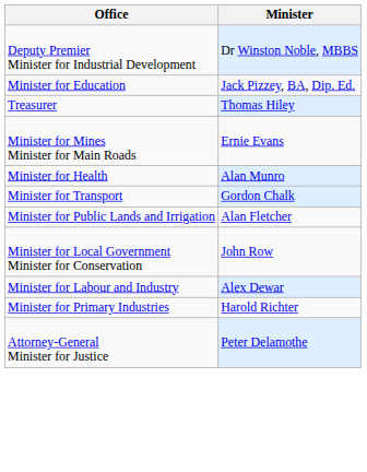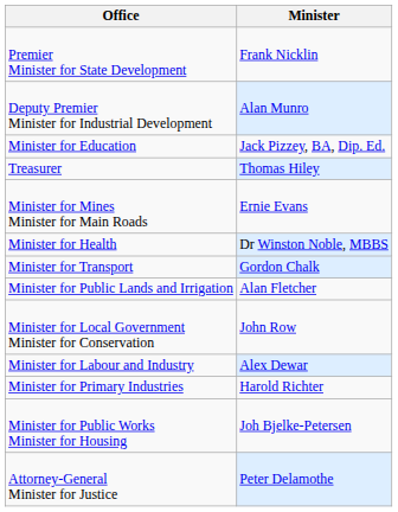 <table class="wikitable">
 <tr>
 <th>Office</th>
 <th>Minister</th>
 </tr>
 <tr>
+<td><br><a href='#'>Premier</a><br> <a href='#'>Minister for State Development</a></td>
+<td><a href='#'>Frank Nicklin</a></td>
+</tr>
+<tr>
 <td><br><a href='#'>Deputy Premier</a><br> Minister for Industrial Development</td>
-<td style="background:#DDEEFF">Dr <a href='#'>Winston Noble</a>, <a href='#'>MBBS</a></td>
+<td style="background:#DDEEFF"><a href='#'>Alan Munro</a></td>
 </tr>
 <tr>
 <td><a href='#'>Minister for Education</a></td>
 <td><a href='#'>Jack Pizzey</a>, <a href='#'>BA</a>, <a href='#'>Dip. Ed.</a></td>
 </tr>
 <tr>
 <td><a href='#'>Treasurer</a><br></td>
 <td style="background:#DDEEFF"><a href='#'>Thomas Hiley</a></td>
 </tr>
 <tr>
 <td><br><a href='#'>Minister for Mines</a><br> Minister for Main Roads</td>
 <td><a href='#'>Ernie Evans</a></td>
 </tr>
 <tr>
 <td><a href='#'>Minister for Health</a></td>
-<td style="background:#DDEEFF"><a href='#'>Alan Munro</a></td>
+<td style="background:#DDEEFF">Dr <a href='#'>Winston Noble</a>, <a href='#'>MBBS</a></td>
 </tr>
 <tr>
 <td><a href='#'>Minister for Transport</a></td>
 <td style="background:#DDEEFF"><a href='#'>Gordon Chalk</a></td>
 </tr>
 <tr>
 <td><a href='#'>Minister for Public Lands and Irrigation</a></td>
 <td><a href='#'>Alan Fletcher</a></td>
 </tr>
 <tr>
 <td><br><a href='#'>Minister for Local Government</a><br> Minister for Conservation</td>
 <td><a href='#'>John Row</a></td>
 </tr>
 <tr>
 <td><a href='#'>Minister for Labour and Industry</a></td>
 <td style="background:#DDEEFF"><a href='#'>Alex Dewar</a></td>
 </tr>
 <tr>
 <td><a href='#'>Minister for Primary Industries</a></td>
 <td><a href='#'>Harold Richter</a></td>
 </tr>
 <tr>
+<td><br><a href='#'>Minister for Public Works</a><br> <a href='#'>Minister for Housing</a><br></td>
+<td><a href='#'>Joh Bjelke-Petersen</a></td>
+</tr>
+<tr>
 <td><br><a href='#'>Attorney-General</a><br>Minister for Justice</td>
 <td style="background:#DDEEFF"><a href='#'>Peter Delamothe</a></td>
 </tr>
 </table>
